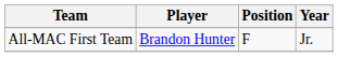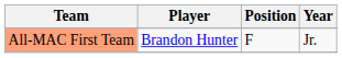 <table class="wikitable" border="1">
 <tr align=center>
 <th style= >Team</th>
 <th style= >Player</th>
 <th style= >Position</th>
 <th style= >Year</th>
 </tr>
 <tr align="center">
 </tr>
 <tr>
-<td>All-MAC First Team</td>
+<td style="background: lightsalmon;">All-MAC First Team</td>
 <td><a href='#'>Brandon Hunter</a></td>
 <td>F</td>
 <td>Jr.</td>
 </tr>
 <tr>
 </tr>
 <tr>
 </tr>
 </table>
